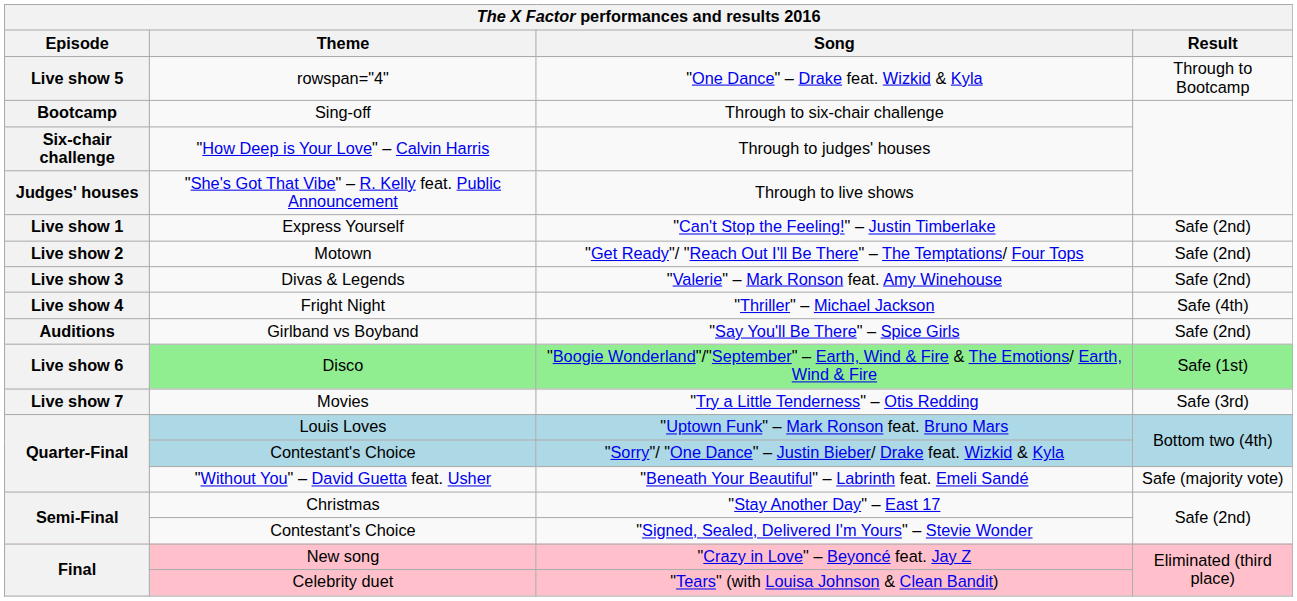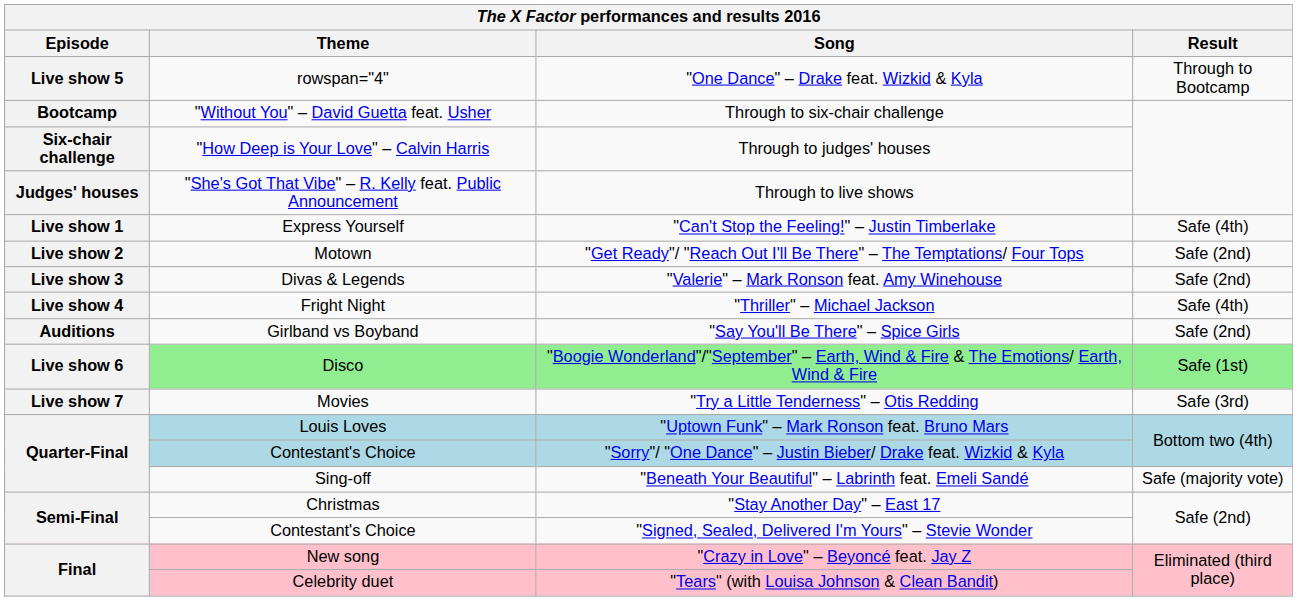 <table class="wikitable collapsible collapsed" style="margin:1em auto 1em auto; text-align:center;">
 <tr>
 <th colspan="4"><em>The X Factor</em> performances and results 2016</th>
 </tr>
 <tr>
 <th scope="col">Episode</th>
 <th scope="col">Theme</th>
 <th scope="col">Song</th>
 <th scope="col">Result</th>
 </tr>
 <tr>
 <th scope="row">Live show 5</th>
 <td>rowspan="4" </td>
 <td>"<a href='#'>One Dance</a>" – <a href='#'>Drake</a> feat. <a href='#'>Wizkid</a> & <a href='#'>Kyla</a></td>
 <td>Through to Bootcamp</td>
 </tr>
 <tr>
 <th scope="row">Bootcamp</th>
-<td>Sing-off</td>
+<td>"<a href='#'>Without You</a>" – <a href='#'>David Guetta</a> feat. <a href='#'>Usher</a></td>
 <td>Through to six-chair challenge</td>
 </tr>
 <tr>
 <th scope="row">Six-chair challenge</th>
 <td>"<a href='#'>How Deep is Your Love</a>" – <a href='#'>Calvin Harris</a></td>
 <td>Through to judges' houses</td>
 </tr>
 <tr>
 <th scope="row">Judges' houses</th>
 <td>"<a href='#'>She's Got That Vibe</a>" – <a href='#'>R. Kelly</a> feat. <a href='#'>Public Announcement</a></td>
 <td>Through to live shows</td>
 </tr>
 <tr>
 <th scope="row">Live show 1</th>
 <td>Express Yourself</td>
 <td>"<a href='#'>Can't Stop the Feeling!</a>" – <a href='#'>Justin Timberlake</a></td>
-<td>Safe (2nd)</td>
+<td>Safe (4th)</td>
 </tr>
 <tr>
 <th scope="row">Live show 2</th>
 <td>Motown</td>
 <td>"<a href='#'>Get Ready</a>"/ "<a href='#'>Reach Out I'll Be There</a>" – <a href='#'>The Temptations</a>/ <a href='#'>Four Tops</a></td>
 <td>Safe (2nd)</td>
 </tr>
 <tr>
 <th scope="row">Live show 3</th>
 <td>Divas & Legends</td>
 <td>"<a href='#'>Valerie</a>" – <a href='#'>Mark Ronson</a> feat. <a href='#'>Amy Winehouse</a></td>
 <td>Safe (2nd)</td>
 </tr>
 <tr>
 <th scope="row">Live show 4</th>
 <td>Fright Night</td>
 <td>"<a href='#'>Thriller</a>" – <a href='#'>Michael Jackson</a></td>
 <td>Safe (4th)</td>
 </tr>
 <tr>
 <th scope="row">Auditions</th>
 <td>Girlband vs Boyband</td>
 <td>"<a href='#'>Say You'll Be There</a>" – <a href='#'>Spice Girls</a></td>
 <td>Safe (2nd)</td>
 </tr>
 <tr style="background:lightgreen;">
 <th scope="row">Live show 6</th>
 <td>Disco</td>
 <td>"<a href='#'>Boogie Wonderland</a>"/"<a href='#'>September</a>" – <a href='#'>Earth, Wind & Fire</a> & <a href='#'>The Emotions</a>/ <a href='#'>Earth, Wind & Fire</a></td>
 <td>Safe (1st)</td>
 </tr>
 <tr>
 <th scope="row">Live show 7</th>
 <td>Movies</td>
 <td>"<a href='#'>Try a Little Tenderness</a>" – <a href='#'>Otis Redding</a></td>
 <td>Safe (3rd)</td>
 </tr>
 <tr style="background:lightblue;">
 <th rowspan="3">Quarter-Final</th>
 <td>Louis Loves</td>
 <td>"<a href='#'>Uptown Funk</a>" – <a href='#'>Mark Ronson</a> feat. <a href='#'>Bruno Mars</a></td>
 <td rowspan="2">Bottom two (4th)</td>
 </tr>
 <tr style="background:lightblue;">
 <td>Contestant's Choice</td>
 <td>"<a href='#'>Sorry</a>"/ "<a href='#'>One Dance</a>" – <a href='#'>Justin Bieber</a>/ <a href='#'>Drake</a> feat. <a href='#'>Wizkid</a> & <a href='#'>Kyla</a></td>
 </tr>
 <tr>
-<td>"<a href='#'>Without You</a>" – <a href='#'>David Guetta</a> feat. <a href='#'>Usher</a></td>
+<td>Sing-off</td>
 <td>"<a href='#'>Beneath Your Beautiful</a>" – <a href='#'>Labrinth</a> feat. <a href='#'>Emeli Sandé</a></td>
 <td>Safe (majority vote)</td>
 </tr>
 <tr>
 <th scope="row" rowspan=2>Semi-Final</th>
 <td>Christmas</td>
 <td>"<a href='#'>Stay Another Day</a>" – <a href='#'>East 17</a></td>
 <td rowspan="2">Safe (2nd)</td>
 </tr>
 <tr>
 <td>Contestant's Choice</td>
 <td>"<a href='#'>Signed, Sealed, Delivered I'm Yours</a>" – <a href='#'>Stevie Wonder</a></td>
 </tr>
 <tr style="background:pink;">
 <th rowspan="2">Final</th>
 <td>New song</td>
 <td>"<a href='#'>Crazy in Love</a>" – <a href='#'>Beyoncé</a> feat. <a href='#'>Jay Z</a></td>
 <td rowspan="2">Eliminated (third place)</td>
 </tr>
 <tr style="background:pink;">
 <td>Celebrity duet</td>
 <td>"<a href='#'>Tears</a>" (with <a href='#'>Louisa Johnson</a> & <a href='#'>Clean Bandit</a>)</td>
 </tr>
 </table>
